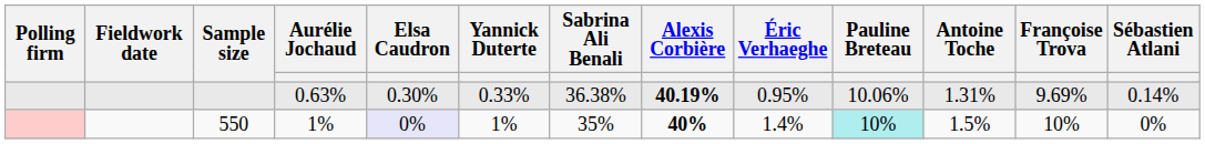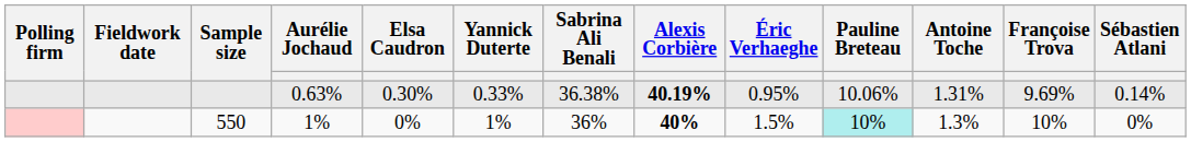 <table class="wikitable sortable" style="text-align:center;font-size:90%;line-height:14px">
 <tr style="height:40px;">
 <th rowspan="2">Polling firm</th>
 <th rowspan="2">Fieldwork date</th>
 <th rowspan="2">Sample size</th>
 <th class="unsortable" style="width:60px">Aurélie Jochaud<br></th>
 <th class="unsortable" style="width:60px">Elsa Caudron<br></th>
 <th class="unsortable" style="width:60px">Yannick Duterte<br></th>
 <th class="unsortable" style="width:60px">Sabrina Ali Benali<br></th>
 <th class="unsortable" style="width:60px"><a href='#'>Alexis Corbière</a><br></th>
 <th class="unsortable" style="width:60px"><a href='#'>Éric Verhaeghe</a><br></th>
 <th class="unsortable" style="width:60px">Pauline Breteau<br></th>
 <th class="unsortable" style="width:60px">Antoine Toche<br></th>
 <th class="unsortable" style="width:60px">Françoise Trova<br></th>
 <th class="unsortable" style="width:60px">Sébastien Atlani<br></th>
 </tr>
 <tr>
 <th style="background:"></th>
 <th style="background:"></th>
 <th style="background:"></th>
 <th style="background:"></th>
 <th style="background:"></th>
 <th style="background:"></th>
 <th style="background:"></th>
 <th style="background:"></th>
 <th style="background:"></th>
 <th style="background:"></th>
 </tr>
 <tr style="background:#E9E9E9">
 <td></td>
 <td></td>
 <td></td>
 <td>0.63%</td>
 <td>0.30%</td>
 <td>0.33%</td>
 <td>36.38%</td>
 <td style="background-color:#"><strong>40.19%</strong></td>
 <td>0.95%</td>
 <td>10.06%</td>
 <td>1.31%</td>
 <td>9.69%</td>
 <td>0.14%</td>
 </tr>
 <tr>
 <td style="background:#FFCCCC"></td>
 <td></td>
 <td>550</td>
 <td>1%</td>
-<td style="background: lavender;">0%</td>
+<td>0%</td>
 <td>1%</td>
-<td>35%</td>
+<td>36%</td>
 <td style="background-color:#"><strong>40%</strong></td>
-<td>1.4%</td>
+<td>1.5%</td>
 <td style="background: paleturquoise;">10%</td>
-<td>1.5%</td>
+<td>1.3%</td>
 <td>10%</td>
 <td>0%</td>
 </tr>
 </table>
